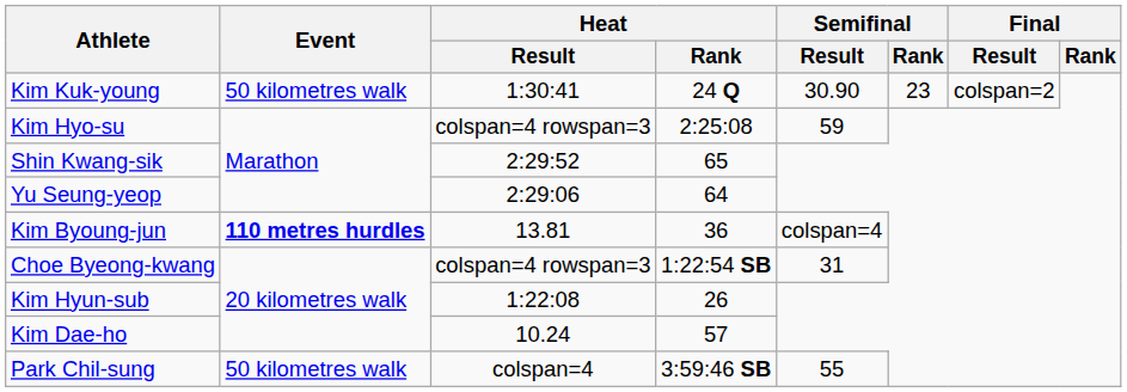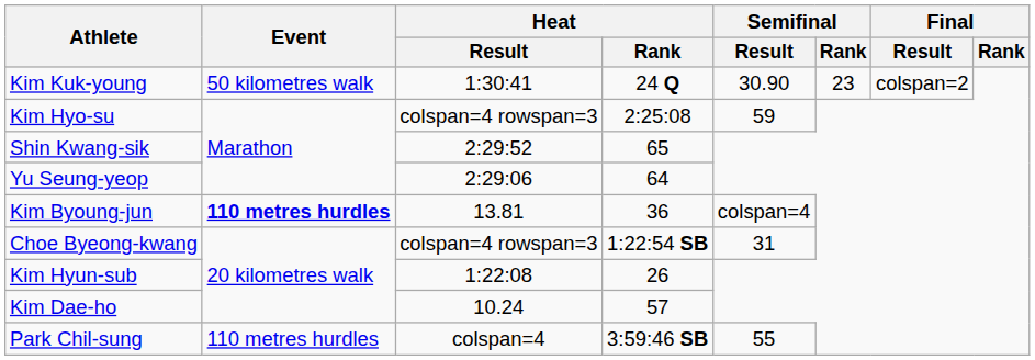 <table class="wikitable" style="font-size:90%">
 <tr>
 <th rowspan="2">Athlete</th>
 <th rowspan="2">Event</th>
 <th colspan="2">Heat</th>
 <th colspan="2">Semifinal</th>
 <th colspan="2">Final</th>
 </tr>
 <tr style="font-size:95%">
 <th>Result</th>
 <th>Rank</th>
 <th>Result</th>
 <th>Rank</th>
 <th>Result</th>
 <th>Rank</th>
 </tr>
 <tr style=text-align:center>
 <td style=text-align:left><a href='#'>Kim Kuk-young</a></td>
 <td style=text-align:left><a href='#'>50 kilometres walk</a></td>
 <td>1:30:41</td>
 <td>24 <strong>Q</strong></td>
 <td>30.90</td>
 <td>23</td>
 <td>colspan=2 </td>
 </tr>
 <tr style=text-align:center>
 <td style=text-align:left><a href='#'>Kim Hyo-su</a></td>
 <td style=text-align:left rowspan=3><a href='#'>Marathon</a></td>
 <td>colspan=4 rowspan=3 </td>
 <td>2:25:08</td>
 <td>59</td>
 </tr>
 <tr style=text-align:center>
 <td style=text-align:left><a href='#'>Shin Kwang-sik</a></td>
 <td>2:29:52</td>
 <td>65</td>
 </tr>
 <tr style=text-align:center>
 <td style=text-align:left><a href='#'>Yu Seung-yeop</a></td>
 <td>2:29:06</td>
 <td>64</td>
 </tr>
 <tr style=text-align:center>
 <td style=text-align:left><a href='#'>Kim Byoung-jun</a></td>
 <td style=text-align:left><strong><a href='#'>110 metres hurdles</a></strong></td>
 <td>13.81</td>
 <td>36</td>
 <td>colspan=4 </td>
 </tr>
 <tr style=text-align:center>
 <td style=text-align:left><a href='#'>Choe Byeong-kwang</a></td>
 <td style=text-align:left rowspan=3><a href='#'>20 kilometres walk</a></td>
 <td>colspan=4 rowspan=3 </td>
 <td>1:22:54 <strong>SB</strong></td>
 <td>31</td>
 </tr>
 <tr style=text-align:center>
 <td style=text-align:left><a href='#'>Kim Hyun-sub</a></td>
 <td>1:22:08</td>
 <td>26</td>
 </tr>
 <tr style=text-align:center>
 <td style=text-align:left><a href='#'>Kim Dae-ho</a></td>
 <td>10.24</td>
 <td>57</td>
 </tr>
 <tr style=text-align:center>
 <td style=text-align:left><a href='#'>Park Chil-sung</a></td>
-<td style=text-align:left><a href='#'>50 kilometres walk</a></td>
+<td style=text-align:left><a href='#'>110 metres hurdles</a></td>
 <td>colspan=4 </td>
 <td>3:59:46 <strong>SB</strong></td>
 <td>55</td>
 </tr>
 </table>
